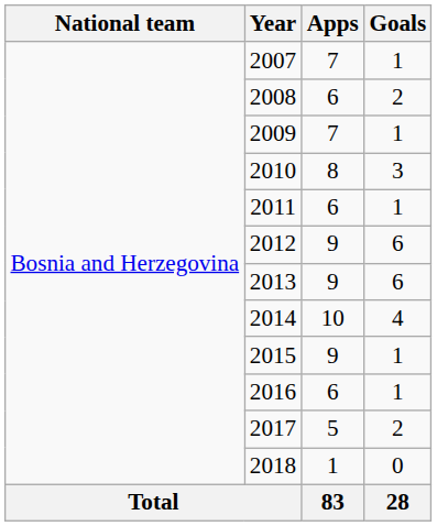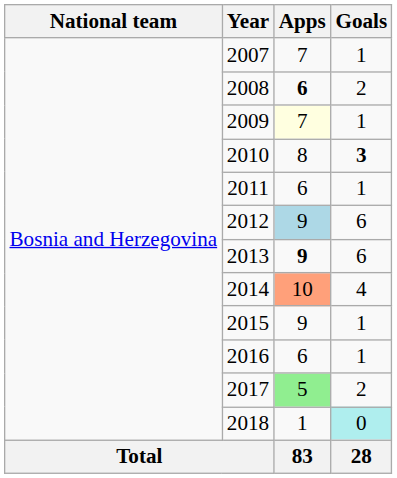 <table class="wikitable" style="text-align:center">
 <tr>
 <th>National team</th>
 <th>Year</th>
 <th>Apps</th>
 <th>Goals</th>
 </tr>
 <tr>
 <td rowspan="12"><a href='#'>Bosnia and Herzegovina</a></td>
 <td>2007</td>
 <td>7</td>
 <td>1</td>
 </tr>
 <tr>
 <td>2008</td>
-<td>6</td>
+<td><strong>6</strong></td>
 <td>2</td>
 </tr>
 <tr>
 <td>2009</td>
-<td>7</td>
+<td style="background: lightyellow;">7</td>
 <td>1</td>
 </tr>
 <tr>
 <td>2010</td>
 <td>8</td>
-<td>3</td>
+<td><strong>3</strong></td>
 </tr>
 <tr>
 <td>2011</td>
 <td>6</td>
 <td>1</td>
 </tr>
 <tr>
 <td>2012</td>
-<td>9</td>
+<td style="background: lightblue;">9</td>
 <td>6</td>
 </tr>
 <tr>
 <td>2013</td>
-<td>9</td>
+<td><strong>9</strong></td>
 <td>6</td>
 </tr>
 <tr>
 <td>2014</td>
-<td>10</td>
+<td style="background: lightsalmon;">10</td>
 <td>4</td>
 </tr>
 <tr>
 <td>2015</td>
 <td>9</td>
 <td>1</td>
 </tr>
 <tr>
 <td>2016</td>
 <td>6</td>
 <td>1</td>
 </tr>
 <tr>
 <td>2017</td>
-<td>5</td>
+<td style="background: lightgreen;">5</td>
 <td>2</td>
 </tr>
 <tr>
 <td>2018</td>
 <td>1</td>
-<td>0</td>
+<td style="background: paleturquoise;">0</td>
 </tr>
 <tr>
 <th colspan="2">Total</th>
 <th>83</th>
 <th>28</th>
 </tr>
 </table>
